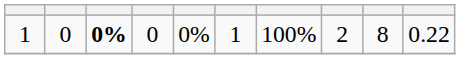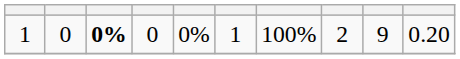 <table class="wikitable" style="text-align: center;">
 <tr>
 <th width="20"></th>
 <th width="20"></th>
 <th width="20"></th>
 <th width="20"></th>
 <th width="20"></th>
 <th width="20"></th>
 <th width="20"></th>
 <th width="20"></th>
 <th width="20"></th>
 <th width="20"></th>
 </tr>
 <tr>
 <td>1</td>
 <td>0</td>
 <td><strong>0%</strong></td>
 <td>0</td>
 <td>0%</td>
 <td>1</td>
 <td>100%</td>
 <td>2</td>
-<td>8</td>
-<td>0.22</td>
+<td>9</td>
+<td>0.20</td>
 </tr>
 <tr>
 </tr>
 </table>
